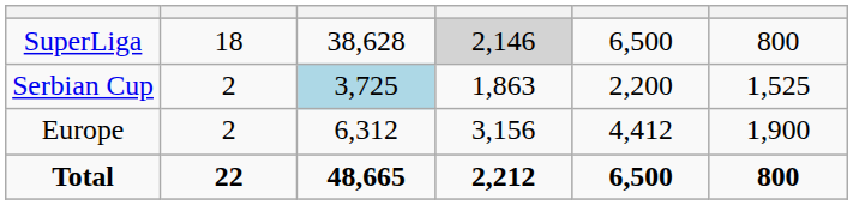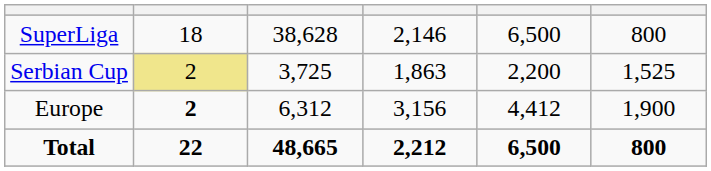 <table class="wikitable sortable" style="text-align: center;">
 <tr>
 <th></th>
 <th style="width:70px;"></th>
 <th style="width:70px;"></th>
 <th style="width:70px;"></th>
 <th style="width:70px;"></th>
 <th style="width:70px;"></th>
 </tr>
 <tr>
 <td><a href='#'>SuperLiga</a></td>
 <td>18</td>
 <td>38,628</td>
-<td style="background: lightgrey;">2,146</td>
+<td>2,146</td>
 <td>6,500</td>
 <td>800</td>
 </tr>
 <tr>
 <td><a href='#'>Serbian Cup</a></td>
-<td>2</td>
-<td style="background: lightblue;">3,725</td>
+<td style="background: khaki;">2</td>
+<td>3,725</td>
 <td>1,863</td>
 <td>2,200</td>
 <td>1,525</td>
 </tr>
 <tr>
 <td>Europe</td>
-<td>2</td>
+<td><strong>2</strong></td>
 <td>6,312</td>
 <td>3,156</td>
 <td>4,412</td>
 <td>1,900</td>
 </tr>
 <tr>
 <td><strong>Total</strong></td>
 <td><strong>22</strong></td>
 <td><strong>48,665</strong></td>
 <td><strong>2,212</strong></td>
 <td><strong>6,500</strong></td>
 <td><strong>800</strong></td>
 </tr>
 </table>
